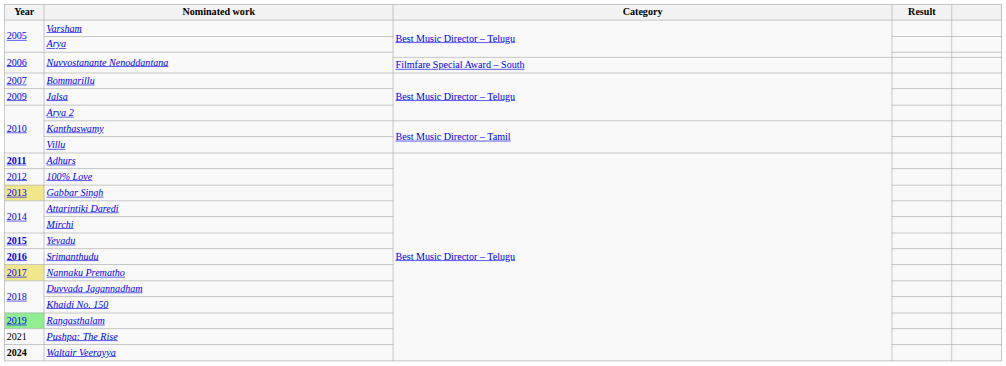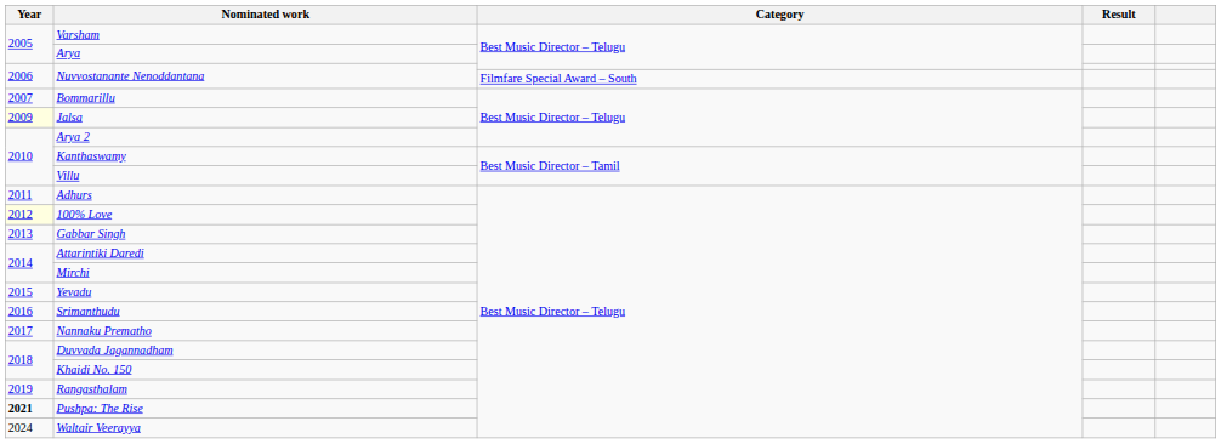 <table class="wikitable" style="width:100%;">
 <tr>
 <th scope="col" style="width:4%;">Year</th>
 <th scope="col" style="width:35%;">Nominated work</th>
 <th scope="col" style="width:50%;">Category</th>
 <th scope="col" style="width:6%;">Result</th>
 <th scope="col" style="width:5%;"></th>
 </tr>
 <tr>
 <td rowspan="2"><a href='#'>2005</a></td>
 <td><a href='#'><em>Varsham</em></a></td>
 <td rowspan="3"><a href='#'>Best Music Director – Telugu</a></td>
 <td></td>
 <td></td>
 </tr>
 <tr>
 <td><a href='#'><em>Arya</em></a></td>
 <td></td>
 <td></td>
 </tr>
 <tr>
 <td rowspan="2"><a href='#'>2006</a></td>
 <td rowspan="2"><em><a href='#'>Nuvvostanante Nenoddantana</a></em></td>
 <td></td>
 <td></td>
 </tr>
 <tr>
 <td><a href='#'>Filmfare Special Award – South</a></td>
 <td></td>
 <td></td>
 </tr>
 <tr>
 <td><a href='#'>2007</a></td>
 <td><em><a href='#'>Bommarillu</a></em></td>
 <td rowspan="3"><a href='#'>Best Music Director – Telugu</a></td>
 <td></td>
 <td></td>
 </tr>
 <tr>
-<td><a href='#'>2009</a></td>
+<td style="background: lightyellow;"><a href='#'>2009</a></td>
 <td><em><a href='#'>Jalsa</a></em></td>
 <td></td>
 <td></td>
 </tr>
 <tr>
 <td rowspan="3"><a href='#'>2010</a></td>
 <td><em><a href='#'>Arya 2</a></em></td>
 <td></td>
 <td></td>
 </tr>
 <tr>
 <td><em><a href='#'>Kanthaswamy</a></em></td>
 <td rowspan="2"><a href='#'>Best Music Director – Tamil</a></td>
 <td></td>
 <td></td>
 </tr>
 <tr>
 <td><a href='#'><em>Villu</em></a></td>
 <td></td>
 <td></td>
 </tr>
 <tr>
-<td><strong><a href='#'>2011</a></strong></td>
+<td><a href='#'>2011</a></td>
 <td><em><a href='#'>Adhurs</a></em></td>
 <td rowspan="13"><a href='#'>Best Music Director – Telugu</a></td>
 <td></td>
 <td></td>
 </tr>
 <tr>
-<td><a href='#'>2012</a></td>
+<td style="background: lightyellow;"><a href='#'>2012</a></td>
 <td><a href='#'><em>100% Love</em></a></td>
 <td></td>
 <td></td>
 </tr>
 <tr>
-<td style="background: khaki;"><a href='#'>2013</a></td>
+<td><a href='#'>2013</a></td>
 <td><a href='#'><em>Gabbar Singh</em></a></td>
 <td></td>
 <td></td>
 </tr>
 <tr>
 <td rowspan="2"><a href='#'>2014</a></td>
 <td><em><a href='#'>Attarintiki Daredi</a></em></td>
 <td></td>
 <td></td>
 </tr>
 <tr>
 <td><a href='#'><em>Mirchi</em></a></td>
 <td></td>
 <td></td>
 </tr>
 <tr>
-<td><strong><a href='#'>2015</a></strong></td>
+<td><a href='#'>2015</a></td>
 <td><em><a href='#'>Yevadu</a></em></td>
 <td></td>
 <td></td>
 </tr>
 <tr>
-<td><strong><a href='#'>2016</a></strong></td>
+<td><a href='#'>2016</a></td>
 <td><em><a href='#'>Srimanthudu</a></em></td>
 <td></td>
 <td></td>
 </tr>
 <tr>
-<td style="background: khaki;"><a href='#'>2017</a></td>
+<td><a href='#'>2017</a></td>
 <td><em><a href='#'>Nannaku Prematho</a></em></td>
 <td></td>
 <td></td>
 </tr>
 <tr>
 <td rowspan="2"><a href='#'>2018</a></td>
 <td><em><a href='#'>Duvvada Jagannadham</a></em></td>
 <td></td>
 <td></td>
 </tr>
 <tr>
 <td><em><a href='#'>Khaidi No. 150</a></em></td>
 <td></td>
 <td></td>
 </tr>
 <tr>
-<td style="background: lightgreen;"><a href='#'>2019</a></td>
+<td><a href='#'>2019</a></td>
 <td><em><a href='#'>Rangasthalam</a></em></td>
 <td></td>
 <td></td>
 </tr>
 <tr>
-<td>2021</td>
+<td><strong>2021</strong></td>
 <td><em><a href='#'>Pushpa: The Rise</a></em></td>
 <td></td>
 <td></td>
 </tr>
 <tr>
-<td><strong>2024</strong></td>
+<td>2024</td>
 <td><em><a href='#'>Waltair Veerayya</a></em></td>
 <td></td>
 <td style="text-align:center;"></td>
 </tr>
 </table>
